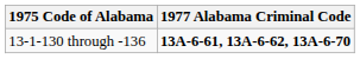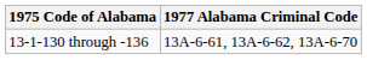 <table class="wikitable">
 <tr>
 <th>1975 Code of Alabama</th>
 <th>1977 Alabama Criminal Code</th>
 </tr>
 <tr>
 <td>13-1-130 through -136</td>
-<td><strong>13A-6-61, 13A-6-62, 13A-6-70</strong></td>
+<td>13A-6-61, 13A-6-62, 13A-6-70</td>
 </tr>
 </table>
